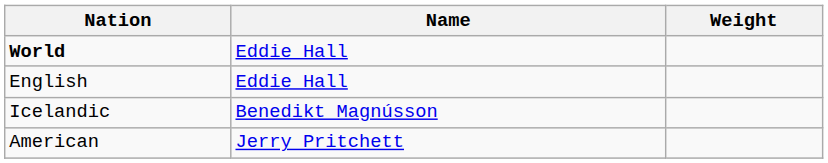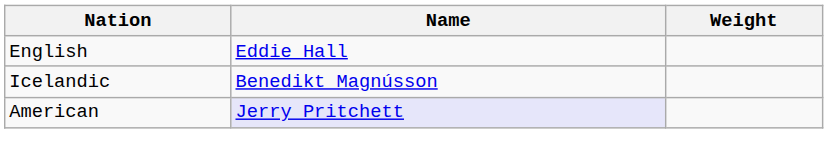 <table class="wikitable" style="display: inline-table;width: 45%;">
 <tr>
 <th>Nation</th>
 <th>Name</th>
 <th>Weight</th>
-</tr>
-<tr>
-<td><strong>World</strong></td>
-<td><a href='#'>Eddie Hall</a></td>
-<td></td>
 </tr>
 <tr>
 <td> English</td>
 <td><a href='#'>Eddie Hall</a></td>
 <td></td>
 </tr>
 <tr>
 <td> Icelandic</td>
 <td><a href='#'>Benedikt Magnússon</a></td>
 <td></td>
 </tr>
 <tr>
 <td> American</td>
-<td><a href='#'>Jerry Pritchett</a></td>
+<td style="background: lavender;"><a href='#'>Jerry Pritchett</a></td>
 <td></td>
 </tr>
 </table>
